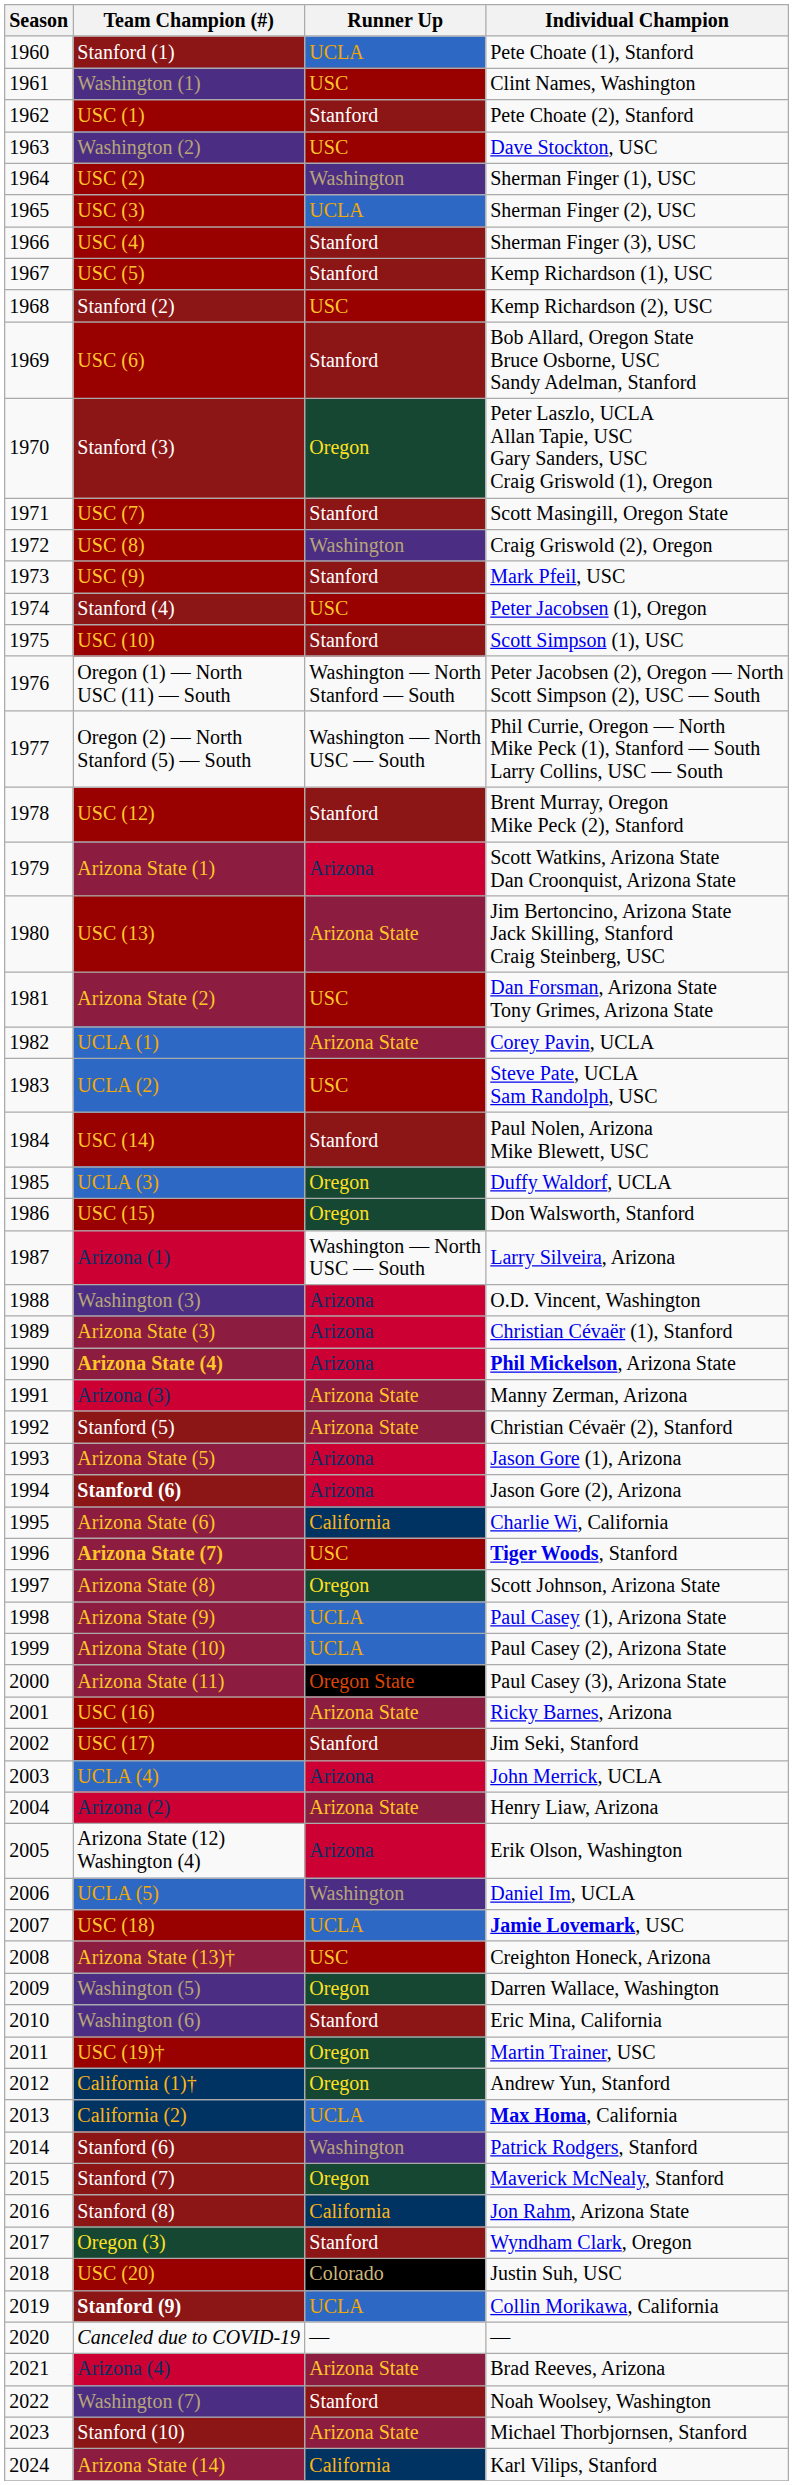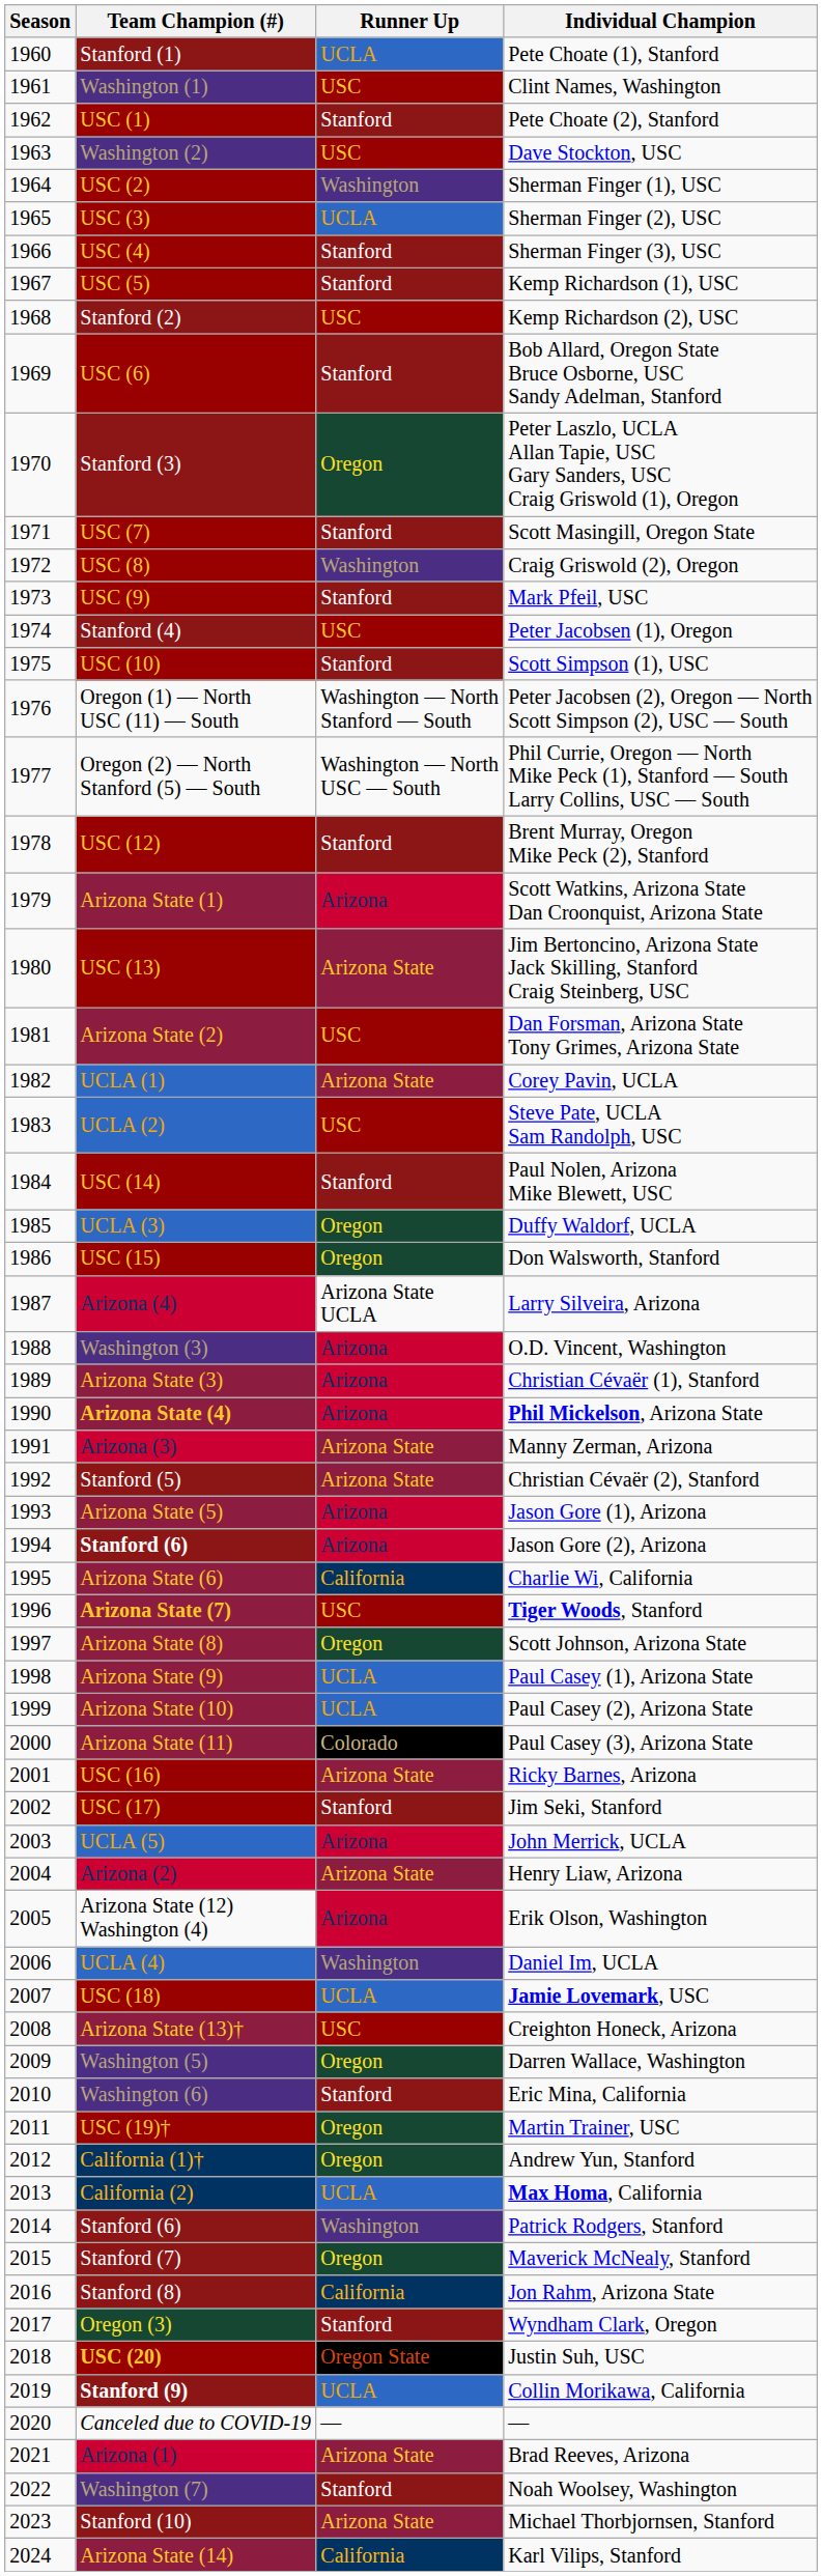 <table class="wikitable">
 <tr>
 <th>Season</th>
 <th>Team Champion (#)</th>
 <th>Runner Up</th>
 <th>Individual Champion</th>
 </tr>
 <tr>
 <td>1960</td>
 <td style="background:#8C1515; color:#FFFFFF;">Stanford (1)</td>
 <td style="background:#2D68C4; color:#F2A900;">UCLA</td>
 <td>Pete Choate (1), Stanford</td>
 </tr>
 <tr>
 <td>1961</td>
 <td style="background:#4B2E83; color:#B7A57A;">Washington (1)</td>
 <td style="background:#990000; color:#FFC72C;">USC</td>
 <td>Clint Names, Washington</td>
 </tr>
 <tr>
 <td>1962</td>
 <td style="background:#990000; color:#FFC72C;">USC (1)</td>
 <td style="background:#8C1515; color:#FFFFFF;">Stanford</td>
 <td>Pete Choate (2), Stanford</td>
 </tr>
 <tr>
 <td>1963</td>
 <td style="background:#4B2E83; color:#B7A57A;">Washington (2)</td>
 <td style="background:#990000; color:#FFC72C;">USC</td>
 <td><a href='#'>Dave Stockton</a>, USC</td>
 </tr>
 <tr>
 <td>1964</td>
 <td style="background:#990000; color:#FFC72C;">USC (2)</td>
 <td style="background:#4B2E83; color:#B7A57A;">Washington</td>
 <td>Sherman Finger (1), USC</td>
 </tr>
 <tr>
 <td>1965</td>
 <td style="background:#990000; color:#FFC72C;">USC (3)</td>
 <td style="background:#2D68C4; color:#F2A900;">UCLA</td>
 <td>Sherman Finger (2), USC</td>
 </tr>
 <tr>
 <td>1966</td>
 <td style="background:#990000; color:#FFC72C;">USC (4)</td>
 <td style="background:#8C1515; color:#FFFFFF;">Stanford</td>
 <td>Sherman Finger (3), USC</td>
 </tr>
 <tr>
 <td>1967</td>
 <td style="background:#990000; color:#FFC72C;">USC (5)</td>
 <td style="background:#8C1515; color:#FFFFFF;">Stanford</td>
 <td>Kemp Richardson (1), USC</td>
 </tr>
 <tr>
 <td>1968</td>
 <td style="background:#8C1515; color:#FFFFFF;">Stanford (2)</td>
 <td style="background:#990000; color:#FFC72C;">USC</td>
 <td>Kemp Richardson (2), USC</td>
 </tr>
 <tr>
 <td>1969</td>
 <td style="background:#990000; color:#FFC72C;">USC (6)</td>
 <td style="background:#8C1515; color:#FFFFFF;">Stanford</td>
 <td>Bob Allard, Oregon State<br>Bruce Osborne, USC<br>Sandy Adelman, Stanford</td>
 </tr>
 <tr>
 <td>1970</td>
 <td style="background:#8C1515; color:#FFFFFF;">Stanford (3)</td>
 <td style="background:#154733; color:#FEE123;">Oregon</td>
 <td>Peter Laszlo, UCLA<br>Allan Tapie, USC<br>Gary Sanders, USC<br>Craig Griswold (1), Oregon</td>
 </tr>
 <tr>
 <td>1971</td>
 <td style="background:#990000; color:#FFC72C;">USC (7)</td>
 <td style="background:#8C1515; color:#FFFFFF;">Stanford</td>
 <td>Scott Masingill, Oregon State</td>
 </tr>
 <tr>
 <td>1972</td>
 <td style="background:#990000; color:#FFC72C;">USC (8)</td>
 <td style="background:#4B2E83; color:#B7A57A;">Washington</td>
 <td>Craig Griswold (2), Oregon</td>
 </tr>
 <tr>
 <td>1973</td>
 <td style="background:#990000; color:#FFC72C;">USC (9)</td>
 <td style="background:#8C1515; color:#FFFFFF;">Stanford</td>
 <td><a href='#'>Mark Pfeil</a>, USC</td>
 </tr>
 <tr>
 <td>1974</td>
 <td style="background:#8C1515; color:#FFFFFF;">Stanford (4)</td>
 <td style="background:#990000; color:#FFC72C;">USC</td>
 <td><a href='#'>Peter Jacobsen</a> (1), Oregon</td>
 </tr>
 <tr>
 <td>1975</td>
 <td style="background:#990000; color:#FFC72C;">USC (10)</td>
 <td style="background:#8C1515; color:#FFFFFF;">Stanford</td>
 <td><a href='#'>Scott Simpson</a> (1), USC</td>
 </tr>
 <tr>
 <td>1976</td>
 <td>Oregon (1) ― North<br>USC (11) ― South</td>
 <td>Washington ― North<br>Stanford ― South</td>
 <td>Peter Jacobsen (2), Oregon ― North<br>Scott Simpson (2), USC ― South</td>
 </tr>
 <tr>
 <td>1977</td>
 <td>Oregon (2) ― North<br>Stanford (5) ― South</td>
 <td>Washington ― North<br>USC ― South</td>
 <td>Phil Currie, Oregon ― North<br>Mike Peck (1), Stanford  ― South<br>Larry Collins, USC ― South</td>
 </tr>
 <tr>
 <td>1978</td>
 <td style="background:#990000; color:#FFC72C;">USC (12)</td>
 <td style="background:#8C1515; color:#FFFFFF;">Stanford</td>
 <td>Brent Murray, Oregon<br>Mike Peck (2), Stanford</td>
 </tr>
 <tr>
 <td>1979</td>
 <td style="background:#8C1D40; color:#FFC627;">Arizona State (1)</td>
 <td style="background:#CC0033; color:#003366;">Arizona</td>
 <td>Scott Watkins, Arizona State<br>Dan Croonquist, Arizona State</td>
 </tr>
 <tr>
 <td>1980</td>
 <td style="background:#990000; color:#FFC72C;">USC (13)</td>
 <td style="background:#8C1D40; color:#FFC627;">Arizona State</td>
 <td>Jim Bertoncino, Arizona State<br>Jack Skilling, Stanford<br>Craig Steinberg, USC</td>
 </tr>
 <tr>
 <td>1981</td>
 <td style="background:#8C1D40; color:#FFC627;">Arizona State (2)</td>
 <td style="background:#990000; color:#FFC72C;">USC</td>
 <td><a href='#'>Dan Forsman</a>, Arizona State<br>Tony Grimes, Arizona State</td>
 </tr>
 <tr>
 <td>1982</td>
 <td style="background:#2D68C4; color:#F2A900;">UCLA (1)</td>
 <td style="background:#8C1D40; color:#FFC627;">Arizona State</td>
 <td><a href='#'>Corey Pavin</a>, UCLA</td>
 </tr>
 <tr>
 <td>1983</td>
 <td style="background:#2D68C4; color:#F2A900;">UCLA (2)</td>
 <td style="background:#990000; color:#FFC72C;">USC</td>
 <td><a href='#'>Steve Pate</a>, UCLA<br><a href='#'>Sam Randolph</a>, USC</td>
 </tr>
 <tr>
 <td>1984</td>
 <td style="background:#990000; color:#FFC72C;">USC (14)</td>
 <td style="background:#8C1515; color:#FFFFFF;">Stanford</td>
 <td>Paul Nolen, Arizona<br>Mike Blewett, USC</td>
 </tr>
 <tr>
 <td>1985</td>
 <td style="background:#2D68C4; color:#F2A900;">UCLA (3)</td>
 <td style="background:#154733; color:#FEE123;">Oregon</td>
 <td><a href='#'>Duffy Waldorf</a>, UCLA</td>
 </tr>
 <tr>
 <td>1986</td>
 <td style="background:#990000; color:#FFC72C;">USC (15)</td>
 <td style="background:#154733; color:#FEE123;">Oregon</td>
 <td>Don Walsworth, Stanford</td>
 </tr>
 <tr>
 <td>1987</td>
-<td style="background:#CC0033; color:#003366;">Arizona (1)</td>
-<td>Washington ― North<br>USC ― South</td>
+<td style="background:#CC0033; color:#003366;">Arizona (4)</td>
+<td>Arizona State<br>UCLA</td>
 <td><a href='#'>Larry Silveira</a>, Arizona</td>
 </tr>
 <tr>
 <td>1988</td>
 <td style="background:#4B2E83; color:#B7A57A;">Washington (3)</td>
 <td style="background:#CC0033; color:#003366;">Arizona</td>
 <td>O.D. Vincent, Washington</td>
 </tr>
 <tr>
 <td>1989</td>
 <td style="background:#8C1D40; color:#FFC627;">Arizona State (3)</td>
 <td style="background:#CC0033; color:#003366;">Arizona</td>
 <td><a href='#'>Christian Cévaër</a> (1), Stanford</td>
 </tr>
 <tr>
 <td>1990</td>
 <td style="background:#8C1D40; color:#FFC627;"><strong>Arizona State (4)</strong></td>
 <td style="background:#CC0033; color:#003366;">Arizona</td>
 <td><strong><a href='#'>Phil Mickelson</a></strong>, Arizona State</td>
 </tr>
 <tr>
 <td>1991</td>
 <td style="background:#CC0033; color:#003366;">Arizona (3)</td>
 <td style="background:#8C1D40; color:#FFC627;">Arizona State</td>
 <td>Manny Zerman, Arizona</td>
 </tr>
 <tr>
 <td>1992</td>
 <td style="background:#8C1515; color:#FFFFFF;">Stanford (5)</td>
 <td style="background:#8C1D40; color:#FFC627;">Arizona State</td>
 <td>Christian Cévaër (2), Stanford</td>
 </tr>
 <tr>
 <td>1993</td>
 <td style="background:#8C1D40; color:#FFC627;">Arizona State (5)</td>
 <td style="background:#CC0033; color:#003366;">Arizona</td>
 <td><a href='#'>Jason Gore</a> (1), Arizona</td>
 </tr>
 <tr>
 <td>1994</td>
 <td style="background:#8C1515; color:#FFFFFF;"><strong>Stanford (6)</strong></td>
 <td style="background:#CC0033; color:#003366;">Arizona</td>
 <td>Jason Gore (2), Arizona</td>
 </tr>
 <tr>
 <td>1995</td>
 <td style="background:#8C1D40; color:#FFC627;">Arizona State (6)</td>
 <td style="background:#003262; color:#FDB515;">California</td>
 <td><a href='#'>Charlie Wi</a>, California</td>
 </tr>
 <tr>
 <td>1996</td>
 <td style="background:#8C1D40; color:#FFC627;"><strong>Arizona State (7)</strong></td>
 <td style="background:#990000; color:#FFC72C;">USC</td>
 <td><strong><a href='#'>Tiger Woods</a></strong>, Stanford</td>
 </tr>
 <tr>
 <td>1997</td>
 <td style="background:#8C1D40; color:#FFC627;">Arizona State (8)</td>
 <td style="background:#154733; color:#FEE123;">Oregon</td>
 <td>Scott Johnson, Arizona State</td>
 </tr>
 <tr>
 <td>1998</td>
 <td style="background:#8C1D40; color:#FFC627;">Arizona State (9)</td>
 <td style="background:#2D68C4; color:#F2A900;">UCLA</td>
 <td><a href='#'>Paul Casey</a> (1), Arizona State</td>
 </tr>
 <tr>
 <td>1999</td>
 <td style="background:#8C1D40; color:#FFC627;">Arizona State (10)</td>
 <td style="background:#2D68C4; color:#F2A900;">UCLA</td>
 <td>Paul Casey (2), Arizona State</td>
 </tr>
 <tr>
 <td>2000</td>
 <td style="background:#8C1D40; color:#FFC627;">Arizona State (11)</td>
-<td style="background:#000000; color:#DC4405;">Oregon State</td>
+<td style="background:#000000; color:#CFB87C;">Colorado</td>
 <td>Paul Casey (3), Arizona State</td>
 </tr>
 <tr>
 <td>2001</td>
 <td style="background:#990000; color:#FFC72C;">USC (16)</td>
 <td style="background:#8C1D40; color:#FFC627;">Arizona State</td>
 <td><a href='#'>Ricky Barnes</a>, Arizona</td>
 </tr>
 <tr>
 <td>2002</td>
 <td style="background:#990000; color:#FFC72C;">USC (17)</td>
 <td style="background:#8C1515; color:#FFFFFF;">Stanford</td>
 <td>Jim Seki, Stanford</td>
 </tr>
 <tr>
 <td>2003</td>
-<td style="background:#2D68C4; color:#F2A900;">UCLA (4)</td>
+<td style="background:#2D68C4; color:#F2A900;">UCLA (5)</td>
 <td style="background:#CC0033; color:#003366;">Arizona</td>
 <td><a href='#'>John Merrick</a>, UCLA</td>
 </tr>
 <tr>
 <td>2004</td>
 <td style="background:#CC0033; color:#003366;">Arizona (2)</td>
 <td style="background:#8C1D40; color:#FFC627;">Arizona State</td>
 <td>Henry Liaw, Arizona</td>
 </tr>
 <tr>
 <td>2005</td>
 <td>Arizona State (12)<br>Washington (4)</td>
 <td style="background:#CC0033; color:#003366;">Arizona</td>
 <td>Erik Olson, Washington</td>
 </tr>
 <tr>
 <td>2006</td>
-<td style="background:#2D68C4; color:#F2A900;">UCLA (5)</td>
+<td style="background:#2D68C4; color:#F2A900;">UCLA (4)</td>
 <td style="background:#4B2E83; color:#B7A57A;">Washington</td>
 <td><a href='#'>Daniel Im</a>, UCLA</td>
 </tr>
 <tr>
 <td>2007</td>
 <td style="background:#990000; color:#FFC72C;">USC (18)</td>
 <td style="background:#2D68C4; color:#F2A900;">UCLA</td>
 <td><strong><a href='#'>Jamie Lovemark</a></strong>, USC</td>
 </tr>
 <tr>
 <td>2008</td>
 <td style="background:#8C1D40; color:#FFC627;">Arizona State (13)†</td>
 <td style="background:#990000; color:#FFC72C;">USC</td>
 <td>Creighton Honeck, Arizona</td>
 </tr>
 <tr>
 <td>2009</td>
 <td style="background:#4B2E83; color:#B7A57A;">Washington (5)</td>
 <td style="background:#154733; color:#FEE123;">Oregon</td>
 <td>Darren Wallace, Washington</td>
 </tr>
 <tr>
 <td>2010</td>
 <td style="background:#4B2E83; color:#B7A57A;">Washington (6)</td>
 <td style="background:#8C1515; color:#FFFFFF;">Stanford</td>
 <td>Eric Mina, California</td>
 </tr>
 <tr>
 <td>2011</td>
 <td style="background:#990000; color:#FFC72C;">USC (19)†</td>
 <td style="background:#154733; color:#FEE123;">Oregon</td>
 <td><a href='#'>Martin Trainer</a>, USC</td>
 </tr>
 <tr>
 <td>2012</td>
 <td style="background:#003262; color:#FDB515;">California (1)†</td>
 <td style="background:#154733; color:#FEE123;">Oregon</td>
 <td>Andrew Yun, Stanford</td>
 </tr>
 <tr>
 <td>2013</td>
 <td style="background:#003262; color:#FDB515;">California (2)</td>
 <td style="background:#2D68C4; color:#F2A900;">UCLA</td>
 <td><strong><a href='#'>Max Homa</a></strong>, California</td>
 </tr>
 <tr>
 <td>2014</td>
 <td style="background:#8C1515; color:#FFFFFF;">Stanford (6)</td>
 <td style="background:#4B2E83; color:#B7A57A;">Washington</td>
 <td><a href='#'>Patrick Rodgers</a>, Stanford</td>
 </tr>
 <tr>
 <td>2015</td>
 <td style="background:#8C1515; color:#FFFFFF;">Stanford (7)</td>
 <td style="background:#154733; color:#FEE123;">Oregon</td>
 <td><a href='#'>Maverick McNealy</a>, Stanford</td>
 </tr>
 <tr>
 <td>2016</td>
 <td style="background:#8C1515; color:#FFFFFF;">Stanford (8)</td>
 <td style="background:#003262; color:#FDB515;">California</td>
 <td><a href='#'>Jon Rahm</a>, Arizona State</td>
 </tr>
 <tr>
 <td>2017</td>
 <td style="background:#154733; color:#FEE123;">Oregon (3)</td>
 <td style="background:#8C1515; color:#FFFFFF;">Stanford</td>
 <td><a href='#'>Wyndham Clark</a>, Oregon</td>
 </tr>
 <tr>
 <td>2018</td>
-<td style="background:#990000; color:#FFC72C;">USC (20)</td>
-<td style="background:#000000; color:#CFB87C;">Colorado</td>
+<td style="background:#990000; color:#FFC72C;"><strong>USC (20)</strong></td>
+<td style="background:#000000; color:#DC4405;">Oregon State</td>
 <td>Justin Suh, USC</td>
 </tr>
 <tr>
 <td>2019</td>
 <td style="background:#8C1515; color:#FFFFFF;"><strong>Stanford (9)</strong></td>
 <td style="background:#2D68C4; color:#F2A900;">UCLA</td>
 <td><a href='#'>Collin Morikawa</a>, California</td>
 </tr>
 <tr>
 <td>2020</td>
 <td><em>Canceled due to COVID-19</em></td>
 <td>―</td>
 <td>―</td>
 </tr>
 <tr>
 <td>2021</td>
-<td style="background:#CC0033; color:#003366;">Arizona (4)</td>
+<td style="background:#CC0033; color:#003366;">Arizona (1)</td>
 <td style="background:#8C1D40; color:#FFC627;">Arizona State</td>
 <td>Brad Reeves, Arizona</td>
 </tr>
 <tr>
 <td>2022</td>
 <td style="background:#4B2E83; color:#B7A57A;">Washington (7)</td>
 <td style="background:#8C1515; color:#FFFFFF;">Stanford</td>
 <td>Noah Woolsey, Washington</td>
 </tr>
 <tr>
 <td>2023</td>
 <td style="background:#8C1515; color:#FFFFFF;">Stanford (10)</td>
 <td style="background:#8C1D40; color:#FFC627;">Arizona State</td>
 <td>Michael Thorbjornsen, Stanford</td>
 </tr>
 <tr>
 <td>2024</td>
 <td style="background:#8C1D40; color:#FFC627;">Arizona State (14)</td>
 <td style="background:#003262; color:#FDB515;">California</td>
 <td>Karl Vilips, Stanford</td>
 </tr>
 </table>
